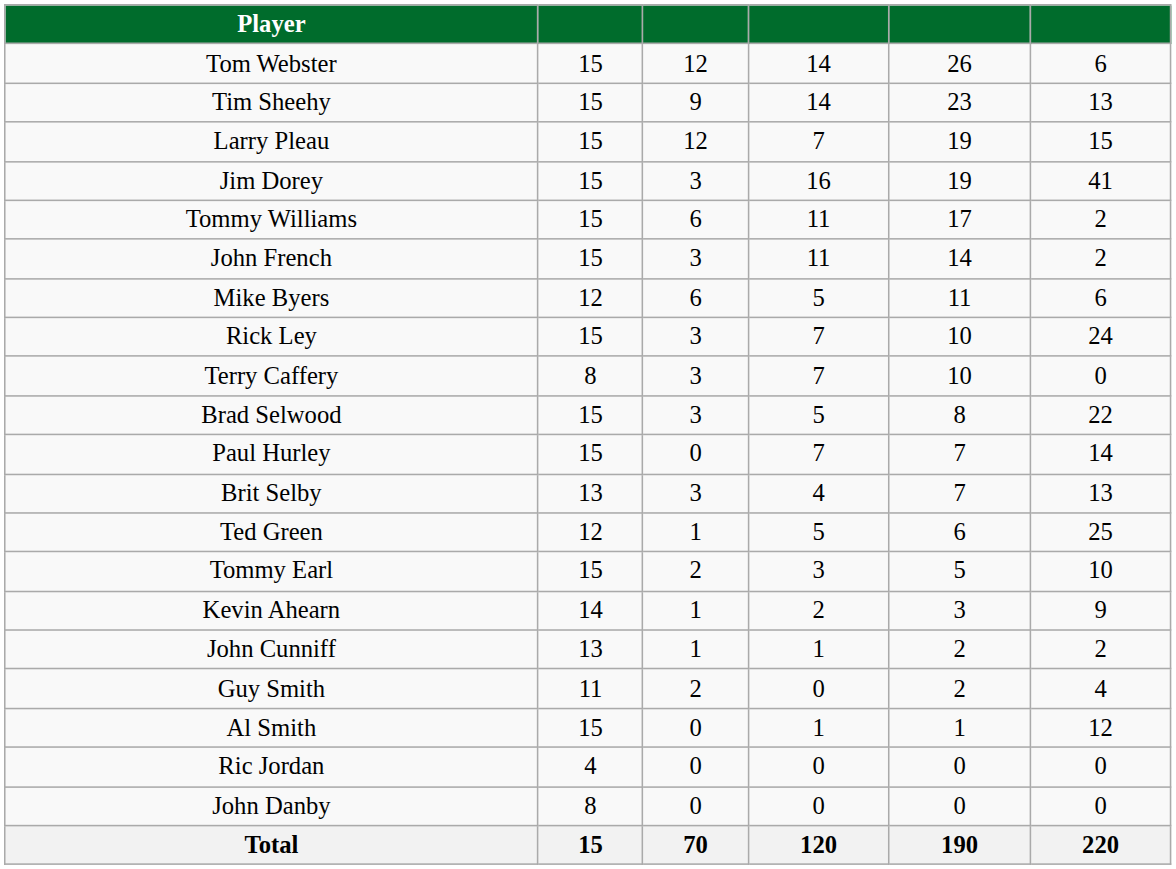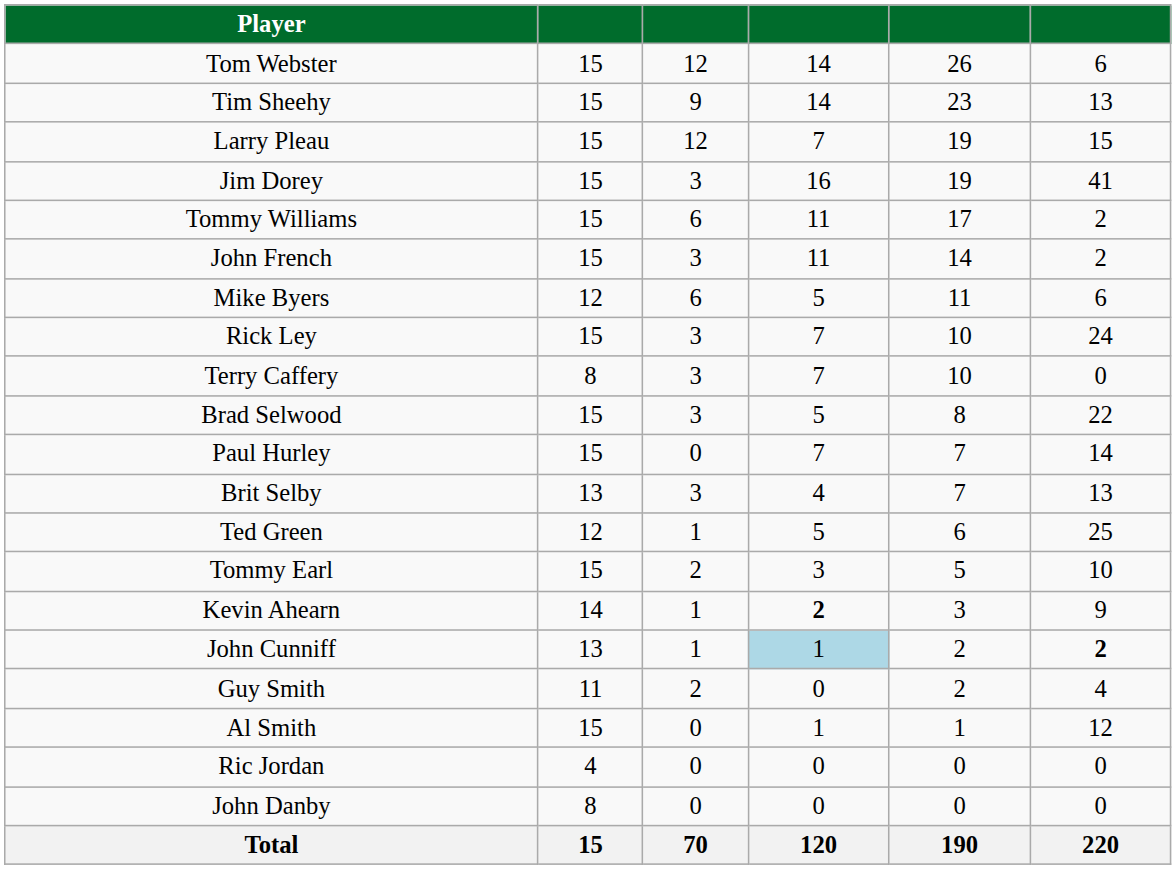 <table class="wikitable sortable" style="width:60%; text-align:center;">
 <tr align=center>
 <th style="color:white; background:#006C2C; ">Player</th>
 <th style="color:white; background:#006C2C; "></th>
 <th style="color:white; background:#006C2C; "></th>
 <th style="color:white; background:#006C2C; "></th>
 <th style="color:white; background:#006C2C; "></th>
 <th style="color:white; background:#006C2C; "></th>
 </tr>
 <tr align="center">
 <td>Tom Webster</td>
 <td>15</td>
 <td>12</td>
 <td>14</td>
 <td>26</td>
 <td>6</td>
 </tr>
 <tr align="center">
 <td>Tim Sheehy</td>
 <td>15</td>
 <td>9</td>
 <td>14</td>
 <td>23</td>
 <td>13</td>
 </tr>
 <tr align="center">
 <td>Larry Pleau</td>
 <td>15</td>
 <td>12</td>
 <td>7</td>
 <td>19</td>
 <td>15</td>
 </tr>
 <tr align="center">
 <td>Jim Dorey</td>
 <td>15</td>
 <td>3</td>
 <td>16</td>
 <td>19</td>
 <td>41</td>
 </tr>
 <tr align="center">
 <td>Tommy Williams</td>
 <td>15</td>
 <td>6</td>
 <td>11</td>
 <td>17</td>
 <td>2</td>
 </tr>
 <tr align="center">
 <td>John French</td>
 <td>15</td>
 <td>3</td>
 <td>11</td>
 <td>14</td>
 <td>2</td>
 </tr>
 <tr align="center">
 <td>Mike Byers</td>
 <td>12</td>
 <td>6</td>
 <td>5</td>
 <td>11</td>
 <td>6</td>
 </tr>
 <tr align="center">
 <td>Rick Ley</td>
 <td>15</td>
 <td>3</td>
 <td>7</td>
 <td>10</td>
 <td>24</td>
 </tr>
 <tr align="center">
 <td>Terry Caffery</td>
 <td>8</td>
 <td>3</td>
 <td>7</td>
 <td>10</td>
 <td>0</td>
 </tr>
 <tr align="center">
 <td>Brad Selwood</td>
 <td>15</td>
 <td>3</td>
 <td>5</td>
 <td>8</td>
 <td>22</td>
 </tr>
 <tr align="center">
 <td>Paul Hurley</td>
 <td>15</td>
 <td>0</td>
 <td>7</td>
 <td>7</td>
 <td>14</td>
 </tr>
 <tr align="center">
 <td>Brit Selby</td>
 <td>13</td>
 <td>3</td>
 <td>4</td>
 <td>7</td>
 <td>13</td>
 </tr>
 <tr align="center">
 <td>Ted Green</td>
 <td>12</td>
 <td>1</td>
 <td>5</td>
 <td>6</td>
 <td>25</td>
 </tr>
 <tr align="center">
 <td>Tommy Earl</td>
 <td>15</td>
 <td>2</td>
 <td>3</td>
 <td>5</td>
 <td>10</td>
 </tr>
 <tr align="center">
 <td>Kevin Ahearn</td>
 <td>14</td>
 <td>1</td>
-<td>2</td>
+<td><strong>2</strong></td>
 <td>3</td>
 <td>9</td>
 </tr>
 <tr align="center">
 <td>John Cunniff</td>
 <td>13</td>
 <td>1</td>
-<td>1</td>
+<td style="background: lightblue;">1</td>
 <td>2</td>
-<td>2</td>
+<td><strong>2</strong></td>
 </tr>
 <tr align="center">
 <td>Guy Smith</td>
 <td>11</td>
 <td>2</td>
 <td>0</td>
 <td>2</td>
 <td>4</td>
 </tr>
 <tr align="center">
 <td>Al Smith</td>
 <td>15</td>
 <td>0</td>
 <td>1</td>
 <td>1</td>
 <td>12</td>
 </tr>
 <tr align="center">
 <td>Ric Jordan</td>
 <td>4</td>
 <td>0</td>
 <td>0</td>
 <td>0</td>
 <td>0</td>
 </tr>
 <tr align="center">
 <td>John Danby</td>
 <td>8</td>
 <td>0</td>
 <td>0</td>
 <td>0</td>
 <td>0</td>
 </tr>
 <tr class="sortbottom">
 <th colspan=1>Total</th>
 <th>15</th>
 <th>70</th>
 <th>120</th>
 <th>190</th>
 <th>220</th>
 </tr>
 </table>
